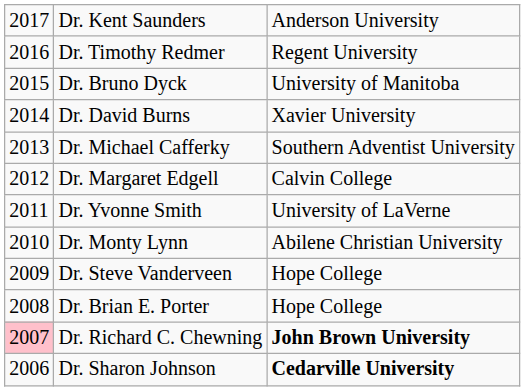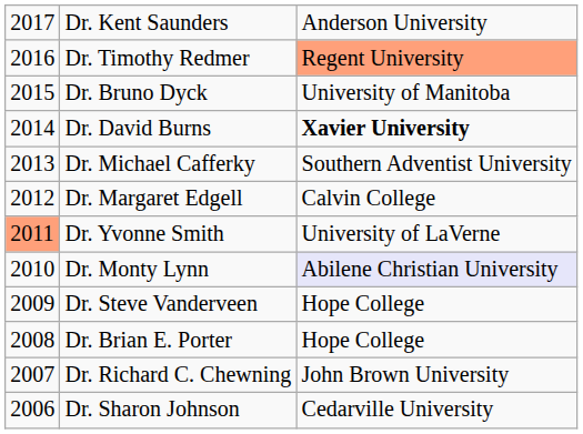 <table class="wikitable">
 <tr>
 <td>2017</td>
 <td>Dr. Kent Saunders</td>
 <td>Anderson University</td>
 </tr>
 <tr>
 <td>2016</td>
 <td>Dr. Timothy Redmer</td>
-<td>Regent University</td>
+<td style="background: lightsalmon;">Regent University</td>
 </tr>
 <tr>
 <td>2015</td>
 <td>Dr. Bruno Dyck</td>
 <td>University of Manitoba</td>
 </tr>
 <tr>
 <td>2014</td>
 <td>Dr. David Burns</td>
-<td>Xavier University</td>
+<td><strong>Xavier University</strong></td>
 </tr>
 <tr>
 <td>2013</td>
 <td>Dr. Michael Cafferky</td>
 <td>Southern Adventist University</td>
 </tr>
 <tr>
 <td>2012</td>
 <td>Dr. Margaret Edgell</td>
 <td>Calvin College</td>
 </tr>
 <tr>
-<td>2011</td>
+<td style="background: lightsalmon;">2011</td>
 <td>Dr. Yvonne Smith</td>
 <td>University of LaVerne</td>
 </tr>
 <tr>
 <td>2010</td>
 <td>Dr. Monty Lynn</td>
-<td>Abilene Christian University</td>
+<td style="background: lavender;">Abilene Christian University</td>
 </tr>
 <tr>
 <td>2009</td>
 <td>Dr. Steve Vanderveen</td>
 <td>Hope College</td>
 </tr>
 <tr>
 <td>2008</td>
 <td>Dr. Brian E. Porter</td>
 <td>Hope College</td>
 </tr>
 <tr>
-<td style="background: pink;">2007</td>
+<td>2007</td>
 <td>Dr. Richard C. Chewning</td>
-<td><strong>John Brown University</strong></td>
+<td>John Brown University</td>
 </tr>
 <tr>
 <td>2006</td>
 <td>Dr. Sharon Johnson</td>
-<td><strong>Cedarville University</strong></td>
+<td>Cedarville University</td>
 </tr>
 </table>
